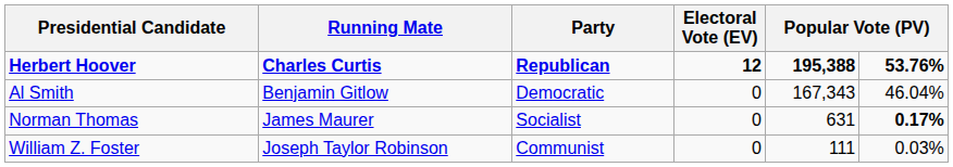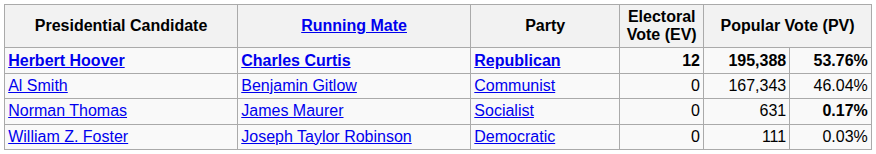 <table class="wikitable">
 <tr>
 <th width="25%">Presidential Candidate</th>
 <th width="25%"><a href='#'>Running Mate</a></th>
 <th width="16%">Party</th>
 <th width="9%">Electoral Vote (EV)</th>
 <th colspan="2" width="18%">Popular Vote (PV)</th>
 </tr>
 <tr>
 <td><strong><a href='#'>Herbert Hoover</a></strong></td>
 <td><strong><a href='#'>Charles Curtis</a></strong></td>
 <td><strong><a href='#'>Republican</a></strong></td>
 <td align="right"><strong>12</strong></td>
 <td align="right"><strong>195,388</strong></td>
 <td align="right"><strong>53.76%</strong></td>
 </tr>
 <tr>
 <td><a href='#'>Al Smith</a></td>
 <td><a href='#'>Benjamin Gitlow</a></td>
-<td><a href='#'>Democratic</a></td>
+<td><a href='#'>Communist</a></td>
 <td align="right">0</td>
 <td align="right">167,343</td>
 <td align="right">46.04%</td>
 </tr>
 <tr>
 <td><a href='#'>Norman Thomas</a></td>
 <td><a href='#'>James Maurer</a></td>
 <td><a href='#'>Socialist</a></td>
 <td align="right">0</td>
 <td align="right">631</td>
 <td align="right"><strong>0.17%</strong></td>
 </tr>
 <tr>
 <td><a href='#'>William Z. Foster</a></td>
 <td><a href='#'>Joseph Taylor Robinson</a></td>
-<td><a href='#'>Communist</a></td>
+<td><a href='#'>Democratic</a></td>
 <td align="right">0</td>
 <td align="right">111</td>
 <td align="right">0.03%</td>
 </tr>
 </table>
